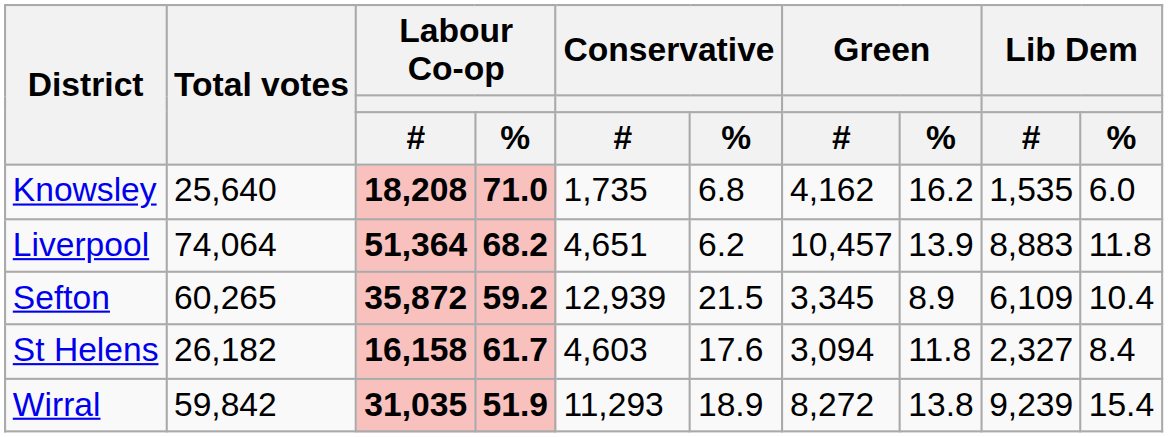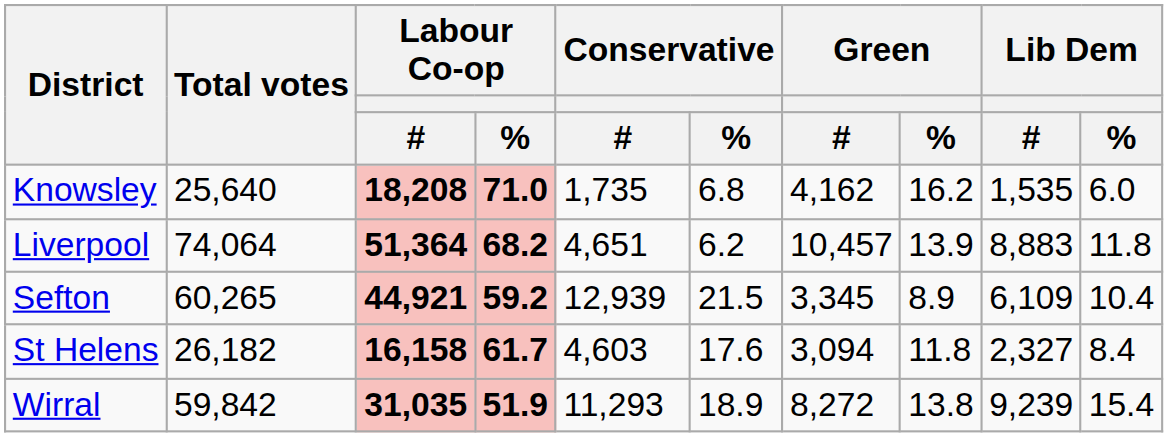 <table class="wikitable sortable">
 <tr>
 <th rowspan=3>District</th>
 <th rowspan=3>Total votes</th>
 <th colspan="2">Labour<br>Co-op</th>
 <th colspan="2">Conservative</th>
 <th colspan="2">Green</th>
 <th colspan="2">Lib Dem</th>
 </tr>
 <tr>
 <th colspan="2" style="background:"></th>
 <th colspan="2" style="background:"></th>
 <th colspan="2" style="background:"></th>
 <th colspan="2" style="background:"></th>
 </tr>
 <tr>
 <th>#</th>
 <th>%</th>
 <th>#</th>
 <th>%</th>
 <th>#</th>
 <th>%</th>
 <th>#</th>
 <th>%</th>
 </tr>
 <tr>
 <td><a href='#'>Knowsley</a></td>
 <td>25,640</td>
 <td style="background:#F8C1BE;"><strong>18,208</strong></td>
 <td style="background:#F8C1BE;"><strong>71.0</strong></td>
 <td>1,735</td>
 <td>6.8</td>
 <td>4,162</td>
 <td>16.2</td>
 <td>1,535</td>
 <td>6.0</td>
 </tr>
 <tr>
 <td><a href='#'>Liverpool</a></td>
 <td>74,064</td>
 <td style="background:#F8C1BE;"><strong>51,364</strong></td>
 <td style="background:#F8C1BE;"><strong>68.2</strong></td>
 <td>4,651</td>
 <td>6.2</td>
 <td>10,457</td>
 <td>13.9</td>
 <td>8,883</td>
 <td>11.8</td>
 </tr>
 <tr>
 <td><a href='#'>Sefton</a></td>
 <td>60,265</td>
-<td style="background:#F8C1BE;"><strong>35,872</strong></td>
+<td style="background:#F8C1BE;"><strong>44,921</strong></td>
 <td style="background:#F8C1BE;"><strong>59.2</strong></td>
 <td>12,939</td>
 <td>21.5</td>
 <td>3,345</td>
 <td>8.9</td>
 <td>6,109</td>
 <td>10.4</td>
 </tr>
 <tr>
 <td><a href='#'>St Helens</a></td>
 <td>26,182</td>
 <td style="background:#F8C1BE;"><strong>16,158</strong></td>
 <td style="background:#F8C1BE;"><strong>61.7</strong></td>
 <td>4,603</td>
 <td>17.6</td>
 <td>3,094</td>
 <td>11.8</td>
 <td>2,327</td>
 <td>8.4</td>
 </tr>
 <tr>
 <td><a href='#'>Wirral</a></td>
 <td>59,842</td>
 <td style="background:#F8C1BE;"><strong>31,035</strong></td>
 <td style="background:#F8C1BE;"><strong>51.9</strong></td>
 <td>11,293</td>
 <td>18.9</td>
 <td>8,272</td>
 <td>13.8</td>
 <td>9,239</td>
 <td>15.4</td>
 </tr>
 </table>
